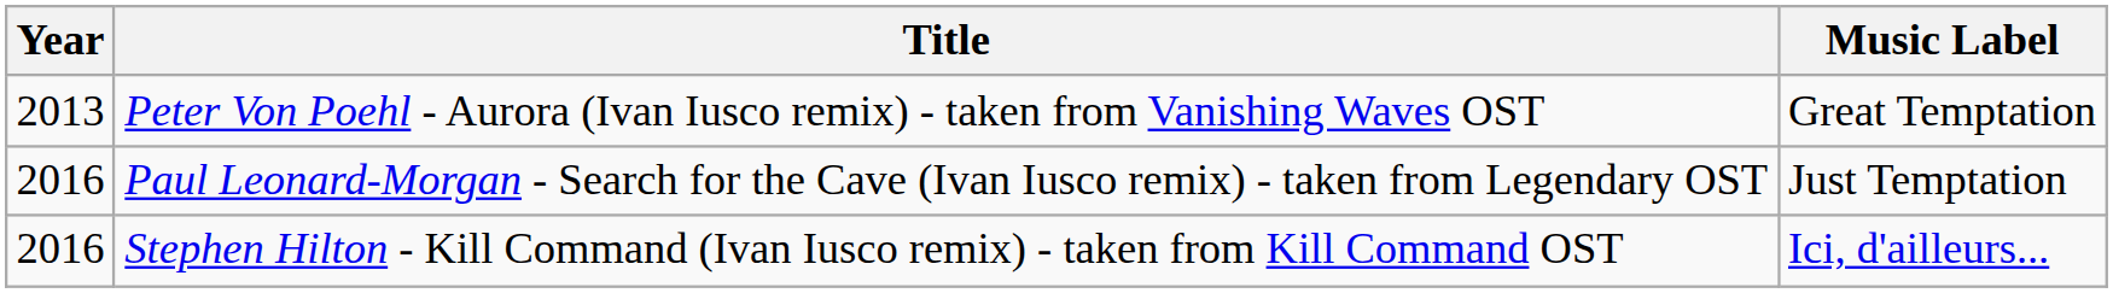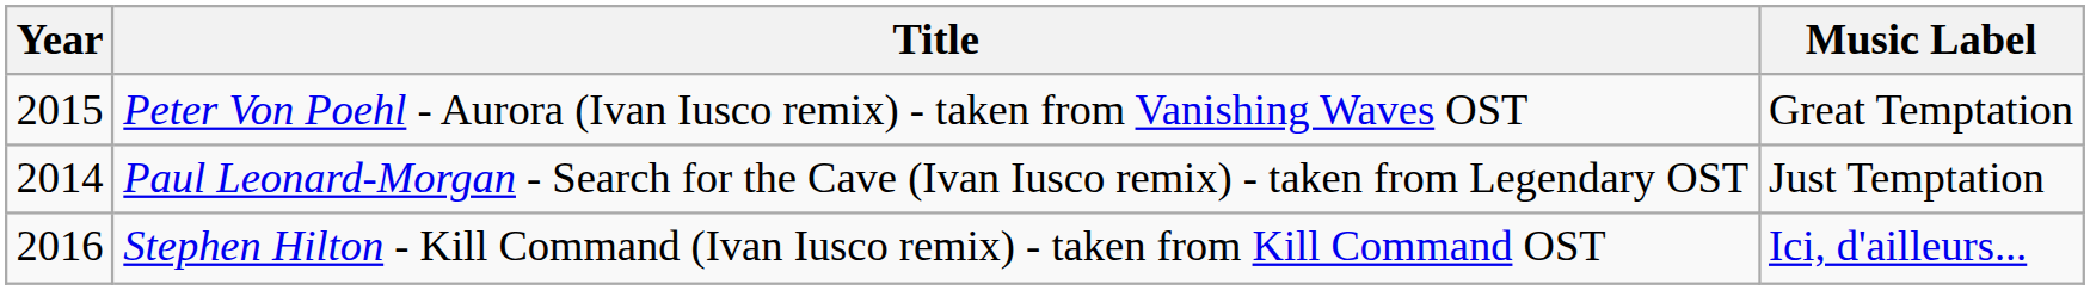 <table class="wikitable sortable">
 <tr>
 <th>Year</th>
 <th class="unsortable">Title</th>
 <th class="unsortable">Music Label</th>
 </tr>
 <tr>
-<td>2013</td>
+<td>2015</td>
 <td><em><a href='#'>Peter Von Poehl</a></em> - Aurora (Ivan Iusco remix) - taken from <a href='#'>Vanishing Waves</a> OST</td>
 <td>Great Temptation</td>
 </tr>
 <tr>
-<td>2016</td>
+<td>2014</td>
 <td><em><a href='#'>Paul Leonard-Morgan</a></em> - Search for the Cave (Ivan Iusco remix) - taken from Legendary OST</td>
 <td>Just Temptation</td>
 </tr>
 <tr>
 <td>2016</td>
 <td><em><a href='#'>Stephen Hilton</a></em> - Kill Command (Ivan Iusco remix) - taken from <a href='#'>Kill Command</a> OST</td>
 <td><a href='#'>Ici, d'ailleurs...</a></td>
 </tr>
 </table>
